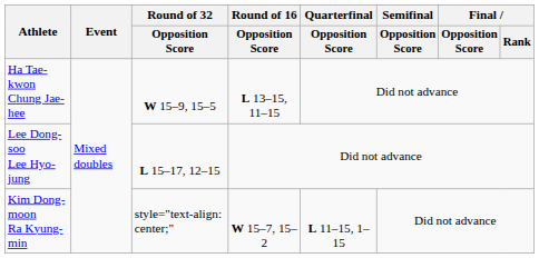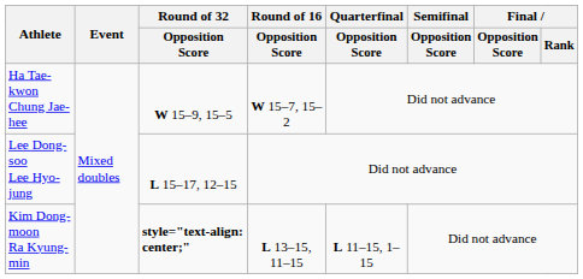 <table class=wikitable style="font-size:90%">
 <tr>
 <th rowspan="2">Athlete</th>
 <th rowspan="2">Event</th>
 <th>Round of 32</th>
 <th>Round of 16</th>
 <th>Quarterfinal</th>
 <th>Semifinal</th>
 <th colspan=2>Final / </th>
 </tr>
 <tr style="font-size:95%">
 <th>Opposition<br>Score</th>
 <th>Opposition<br>Score</th>
 <th>Opposition<br>Score</th>
 <th>Opposition<br>Score</th>
 <th>Opposition<br>Score</th>
 <th>Rank</th>
 </tr>
 <tr>
 <td style="text-align: left;"><a href='#'>Ha Tae-kwon</a><br> <a href='#'>Chung Jae-hee</a></td>
 <td rowspan=3 style="text-align: left;"><a href='#'>Mixed doubles</a></td>
 <td style="text-align: center;"><br><br><strong>W</strong> 15–9, 15–5</td>
-<td style="text-align: center;"><br><br><strong>L</strong> 13–15, 11–15</td>
+<td style="text-align: center;"><br><br><strong>W</strong> 15–7, 15–2</td>
 <td colspan=4 style="text-align: center;">Did not advance</td>
 </tr>
 <tr>
 <td style="text-align: left;"><a href='#'>Lee Dong-soo</a><br> <a href='#'>Lee Hyo-jung</a></td>
 <td style="text-align: center;"><br><br><strong>L</strong> 15–17, 12–15</td>
 <td colspan=5 style="text-align: center;">Did not advance</td>
 </tr>
 <tr>
 <td style="text-align: left;"><a href='#'>Kim Dong-moon</a><br> <a href='#'>Ra Kyung-min</a></td>
-<td>style="text-align: center;" </td>
-<td style="text-align: center;"><br><br><strong>W</strong> 15–7, 15–2</td>
+<td><strong>style="text-align: center;" </strong></td>
+<td style="text-align: center;"><br><br><strong>L</strong> 13–15, 11–15</td>
 <td style="text-align: center;"><br><br><strong>L</strong> 11–15, 1–15</td>
 <td colspan=4 style="text-align: center;">Did not advance</td>
 </tr>
 </table>
